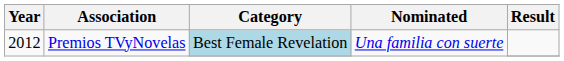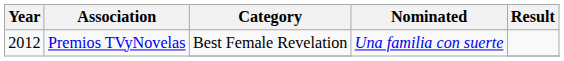 <table class="wikitable sortable">
 <tr>
 <th>Year</th>
 <th>Association</th>
 <th>Category</th>
 <th>Nominated</th>
 <th>Result</th>
 </tr>
 <tr>
 <td rowspan=2>2012</td>
 <td rowspan=2><a href='#'>Premios TVyNovelas</a></td>
-<td style="background: lightblue;">Best Female Revelation</td>
+<td>Best Female Revelation</td>
 <td rowspan=2><em><a href='#'>Una familia con suerte</a></em></td>
 <td></td>
 </tr>
 <tr>
 </tr>
 </table>
